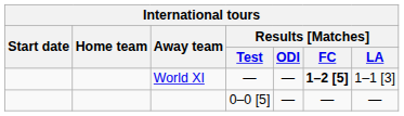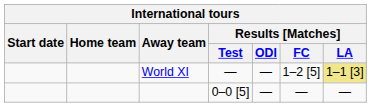 <table class="wikitable">
 <tr>
 <th colspan="7">International tours</th>
 </tr>
 <tr>
 <th rowspan="2">Start date</th>
 <th rowspan="2">Home team</th>
 <th rowspan="2">Away team</th>
 <th colspan="4">Results [Matches]</th>
 </tr>
 <tr>
 <th><a href='#'>Test</a></th>
 <th><a href='#'>ODI</a></th>
 <th><a href='#'>FC</a></th>
 <th><a href='#'>LA</a></th>
 </tr>
 <tr>
 <td><a href='#'></a></td>
 <td></td>
 <td><a href='#'>World XI</a></td>
 <td ; style="text-align:center">—</td>
 <td ; style="text-align:center">—</td>
-<td><strong>1–2 [5]</strong></td>
-<td>1–1 [3]</td>
+<td>1–2 [5]</td>
+<td style="background: khaki;">1–1 [3]</td>
 </tr>
 <tr>
 <td><a href='#'></a></td>
 <td></td>
 <td></td>
 <td>0–0 [5]</td>
 <td ; style="text-align:center">—</td>
 <td ; style="text-align:center">—</td>
 <td ; style="text-align:center">—</td>
 </tr>
 </table>
